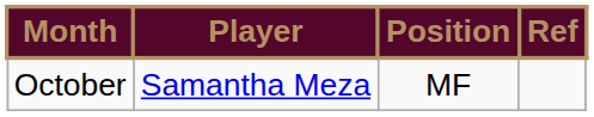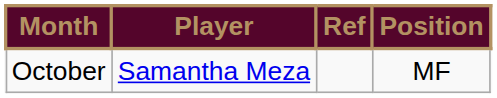 <table class=wikitable style="text-align:center;">
 <tr>
 <th style="background:#54052B; color:#B39262; border:2px solid #B39262">Month</th>
 <th style="background:#54052B; color:#B39262; border:2px solid #B39262">Player</th>
+<th style="background:#54052B; color:#B39262; border:2px solid #B39262">Ref</th>
 <th style="background:#54052B; color:#B39262; border:2px solid #B39262">Position</th>
-<th style="background:#54052B; color:#B39262; border:2px solid #B39262">Ref</th>
 </tr>
 <tr>
 <td align=center>October</td>
 <td> <a href='#'>Samantha Meza</a></td>
+<td rowspan="1"></td>
 <td>MF</td>
-<td rowspan="1"></td>
 </tr>
 </table>
